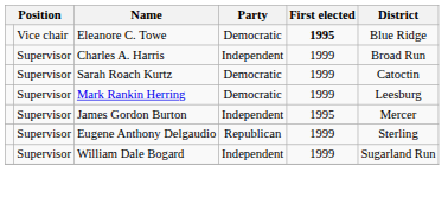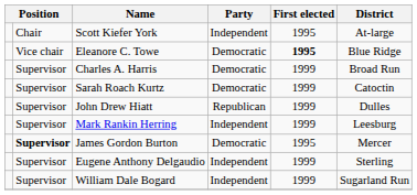 <table class="wikitable">
 <tr>
 <th colspan="2" align="center" valign="bottom">Position</th>
 <th style="text-align:center;">Name</th>
 <th valign="bottom">Party</th>
 <th valign="bottom" align="center">First elected</th>
 <th valign="bottom" align="center">District</th>
+</tr>
+<tr>
+<td style="background-color:"> </td>
+<td>Chair</td>
+<td>Scott Kiefer York</td>
+<td style="text-align:center;">Independent</td>
+<td style="text-align:center;">1995</td>
+<td style="text-align:center;">At-large</td>
 </tr>
 <tr>
 <td style="background-color:"> </td>
 <td>Vice chair</td>
 <td>Eleanore C. Towe</td>
 <td style="text-align:center;">Democratic</td>
 <td style="text-align:center;"><strong>1995</strong></td>
 <td style="text-align:center;">Blue Ridge</td>
 </tr>
 <tr>
 <td style="background-color:"> </td>
 <td>Supervisor</td>
 <td>Charles A. Harris</td>
-<td style="text-align:center;">Independent</td>
+<td style="text-align:center;">Democratic</td>
 <td style="text-align:center;">1999</td>
 <td style="text-align:center;">Broad Run</td>
 </tr>
 <tr>
 <td style="background-color:"> </td>
 <td>Supervisor</td>
 <td>Sarah Roach Kurtz</td>
 <td style="text-align:center;">Democratic</td>
 <td style="text-align:center;">1999</td>
 <td style="text-align:center;">Catoctin</td>
 </tr>
 <tr>
 <td style="background-color:"> </td>
 <td>Supervisor</td>
+<td>John Drew Hiatt</td>
+<td style="text-align:center;">Republican</td>
+<td style="text-align:center;">1999</td>
+<td style="text-align:center;">Dulles</td>
+</tr>
+<tr>
+<td style="background-color:"> </td>
+<td>Supervisor</td>
 <td><a href='#'>Mark Rankin Herring</a></td>
-<td style="text-align:center;">Democratic</td>
+<td style="text-align:center;">Independent</td>
 <td style="text-align:center;">1999</td>
 <td style="text-align:center;">Leesburg</td>
 </tr>
 <tr>
 <td style="background-color:"> </td>
-<td>Supervisor</td>
+<td><strong>Supervisor</strong></td>
 <td>James Gordon Burton</td>
-<td style="text-align:center;">Independent</td>
+<td style="text-align:center;">Democratic</td>
 <td style="text-align:center;">1995</td>
 <td style="text-align:center;">Mercer</td>
 </tr>
 <tr>
 <td style="background-color:"> </td>
 <td>Supervisor</td>
 <td>Eugene Anthony Delgaudio</td>
-<td style="text-align:center;">Republican</td>
+<td style="text-align:center;">Independent</td>
 <td style="text-align:center;">1999</td>
 <td style="text-align:center;">Sterling</td>
 </tr>
 <tr>
 <td style="background-color:"> </td>
 <td>Supervisor</td>
 <td>William Dale Bogard</td>
 <td style="text-align:center;">Independent</td>
 <td style="text-align:center;">1999</td>
 <td style="text-align:center;">Sugarland Run</td>
 </tr>
 <tr>
 </tr>
 </table>
